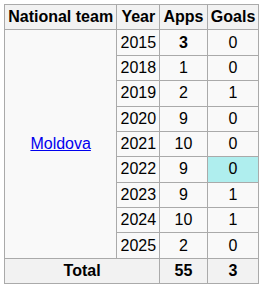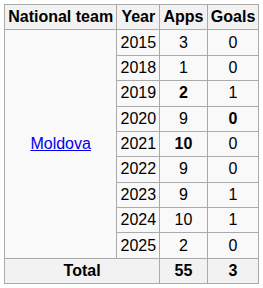 <table class="wikitable" style="text-align:center">
 <tr>
 <th>National team</th>
 <th>Year</th>
 <th>Apps</th>
 <th>Goals</th>
 </tr>
 <tr>
 <td rowspan="9"><a href='#'>Moldova</a></td>
 <td>2015</td>
-<td><strong>3</strong></td>
+<td>3</td>
 <td>0</td>
 </tr>
 <tr>
 <td>2018</td>
 <td>1</td>
 <td>0</td>
 </tr>
 <tr>
 <td>2019</td>
-<td>2</td>
+<td><strong>2</strong></td>
 <td>1</td>
 </tr>
 <tr>
 <td>2020</td>
 <td>9</td>
-<td>0</td>
+<td><strong>0</strong></td>
 </tr>
 <tr>
 <td>2021</td>
-<td>10</td>
+<td><strong>10</strong></td>
 <td>0</td>
 </tr>
 <tr>
 <td>2022</td>
 <td>9</td>
-<td style="background: paleturquoise;">0</td>
+<td>0</td>
 </tr>
 <tr>
 <td>2023</td>
 <td>9</td>
 <td>1</td>
 </tr>
 <tr>
 <td>2024</td>
 <td>10</td>
 <td>1</td>
 </tr>
 <tr>
 <td>2025</td>
 <td>2</td>
 <td>0</td>
 </tr>
 <tr>
 <th colspan=2>Total</th>
 <th>55</th>
 <th>3</th>
 </tr>
 </table>
